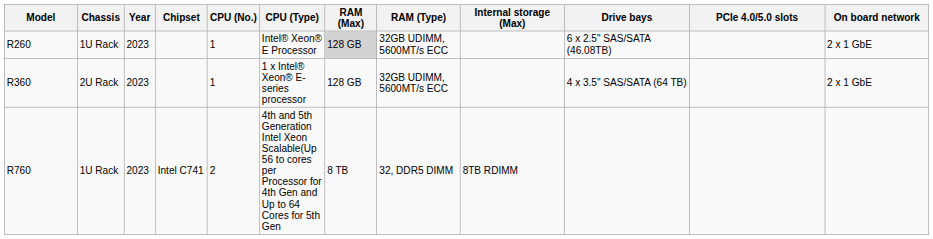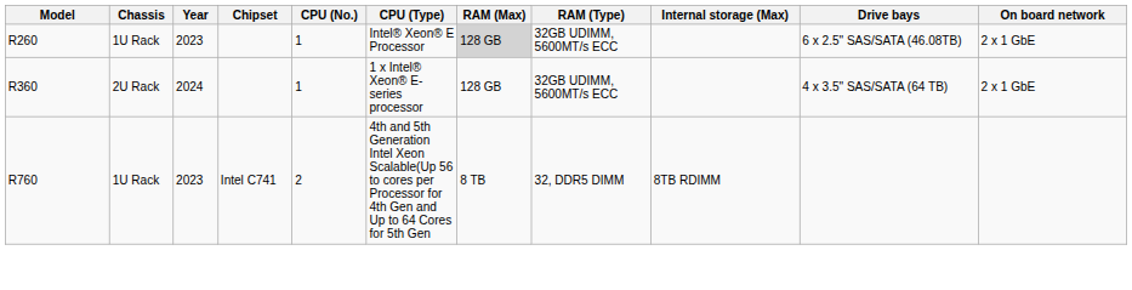 <table class="wikitable collapsible" style="clear:both; font-size: 85%;">
 <tr>
 <th width="7%">Model</th>
 <th width="3%">Chassis</th>
 <th width="3%">Year</th>
 <th width="5%">Chipset</th>
 <th width="5%">CPU (No.)</th>
 <th width="5%">CPU (Type)</th>
 <th width="5%">RAM (Max)</th>
 <th width="8%">RAM (Type)</th>
 <th width="10%">Internal storage (Max)</th>
 <th width="12%">Drive bays</th>
-<th width="13%">PCIe 4.0/5.0 slots</th>
 <th width="10%">On board network</th>
 </tr>
 <tr>
 <td>R260</td>
 <td>1U Rack</td>
 <td>2023</td>
 <td></td>
 <td>1</td>
 <td>Intel® Xeon® E Processor</td>
 <td style="background: lightgrey;">128 GB</td>
 <td>32GB UDIMM, 5600MT/s ECC</td>
 <td></td>
 <td>6 x 2.5" SAS/SATA (46.08TB)</td>
-<td></td>
 <td>2 x 1 GbE</td>
 </tr>
 <tr>
 <td>R360</td>
 <td>2U Rack</td>
-<td>2023</td>
+<td>2024</td>
 <td></td>
 <td>1</td>
 <td>1 x Intel® Xeon® E-series processor</td>
 <td>128 GB</td>
 <td>32GB UDIMM, 5600MT/s ECC</td>
 <td></td>
 <td>4 x 3.5" SAS/SATA (64 TB)</td>
-<td></td>
 <td>2 x 1 GbE</td>
 </tr>
 <tr>
 <td>R760</td>
 <td>1U Rack</td>
 <td>2023</td>
 <td>Intel C741</td>
 <td>2</td>
 <td>4th and 5th<br>Generation  Intel  Xeon Scalable(Up  56 to cores per Processor  for 4th Gen and Up to 64 Cores for 5th Gen</td>
 <td>8 TB</td>
 <td>32, DDR5 DIMM</td>
 <td>8TB RDIMM</td>
 <td></td>
 <td></td>
-<td></td>
 </tr>
 </table>
